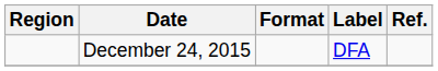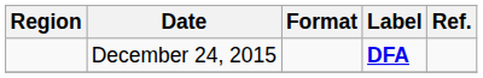 <table class=wikitable>
 <tr>
 <th>Region</th>
 <th>Date</th>
 <th>Format</th>
 <th>Label</th>
 <th>Ref.</th>
 </tr>
 <tr>
 <td></td>
 <td>December 24, 2015</td>
 <td></td>
-<td><a href='#'>DFA</a></td>
+<td><strong><a href='#'>DFA</a></strong></td>
 <td></td>
 </tr>
 <tr>
 </tr>
 </table>
